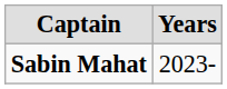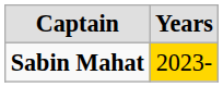 <table class=wikitable>
 <tr align=center bgcolor=#dfdfdf>
 <td><strong>Captain</strong></td>
 <td><strong>Years</strong></td>
 </tr>
 <tr align=center>
 <td align=left><strong>Sabin Mahat</strong></td>
-<td>2023-</td>
+<td style="background: gold;">2023-</td>
 </tr>
 </table>
